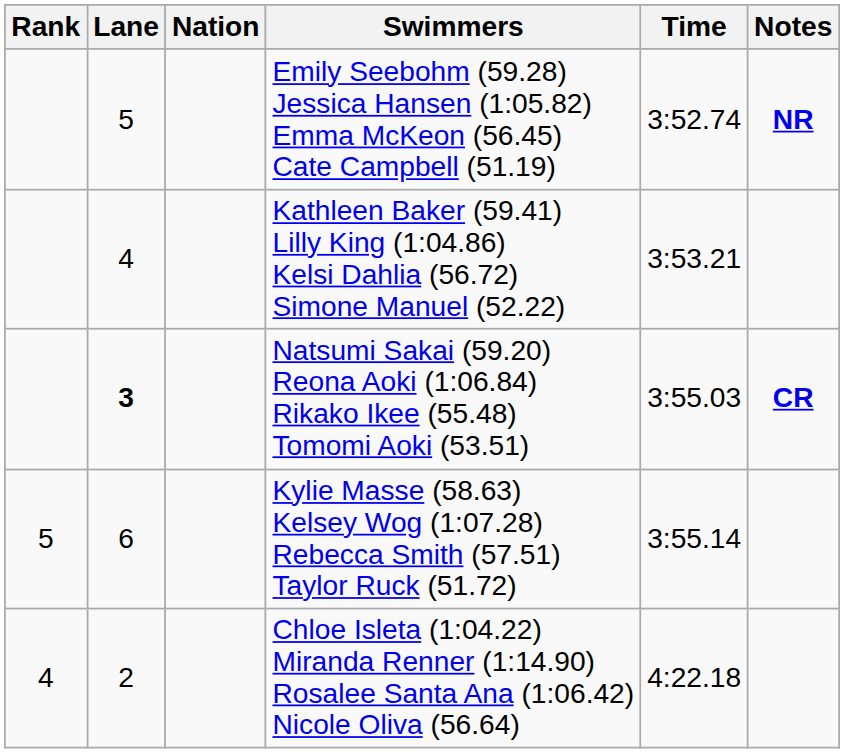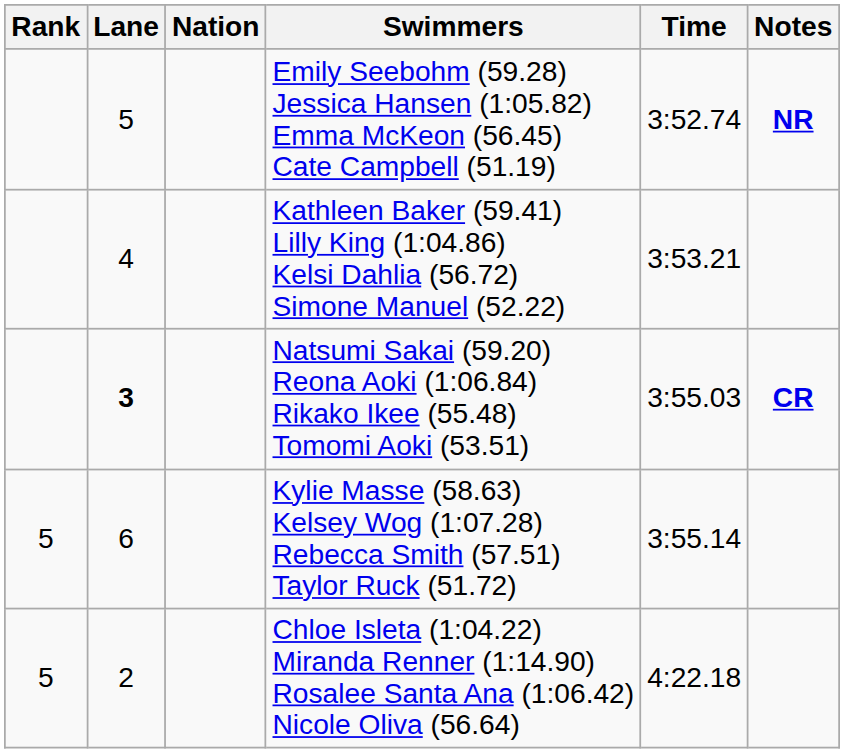 <table class="wikitable sortable" style="text-align:center">
 <tr>
 <th>Rank</th>
 <th>Lane</th>
 <th>Nation</th>
 <th>Swimmers</th>
 <th>Time</th>
 <th>Notes</th>
 </tr>
 <tr>
 <td></td>
 <td>5</td>
 <td align=left></td>
 <td align=left><a href='#'>Emily Seebohm</a> (59.28)<br><a href='#'>Jessica Hansen</a> (1:05.82)<br><a href='#'>Emma McKeon</a> (56.45)<br><a href='#'>Cate Campbell</a> (51.19)</td>
 <td>3:52.74</td>
 <td><strong><a href='#'>NR</a></strong></td>
 </tr>
 <tr>
 <td></td>
 <td>4</td>
 <td align=left></td>
 <td align=left><a href='#'>Kathleen Baker</a> (59.41)<br><a href='#'>Lilly King</a> (1:04.86)<br><a href='#'>Kelsi Dahlia</a> (56.72)<br><a href='#'>Simone Manuel</a> (52.22)</td>
 <td>3:53.21</td>
 <td></td>
 </tr>
 <tr>
 <td></td>
 <td><strong>3</strong></td>
 <td align=left></td>
 <td align=left><a href='#'>Natsumi Sakai</a> (59.20)<br><a href='#'>Reona Aoki</a> (1:06.84)<br><a href='#'>Rikako Ikee</a> (55.48)<br><a href='#'>Tomomi Aoki</a> (53.51)</td>
 <td>3:55.03</td>
 <td><strong><a href='#'>CR</a></strong></td>
 </tr>
 <tr>
 <td>5</td>
 <td>6</td>
 <td align=left></td>
 <td align=left><a href='#'>Kylie Masse</a> (58.63)<br><a href='#'>Kelsey Wog</a> (1:07.28)<br><a href='#'>Rebecca Smith</a> (57.51)<br><a href='#'>Taylor Ruck</a> (51.72)</td>
 <td>3:55.14</td>
 <td></td>
 </tr>
 <tr>
-<td>4</td>
+<td>5</td>
 <td>2</td>
 <td align=left></td>
 <td align=left><a href='#'>Chloe Isleta</a> (1:04.22)<br><a href='#'>Miranda Renner</a> (1:14.90)<br><a href='#'>Rosalee Santa Ana</a> (1:06.42)<br><a href='#'>Nicole Oliva</a> (56.64)</td>
 <td>4:22.18</td>
 <td></td>
 </tr>
 </table>
